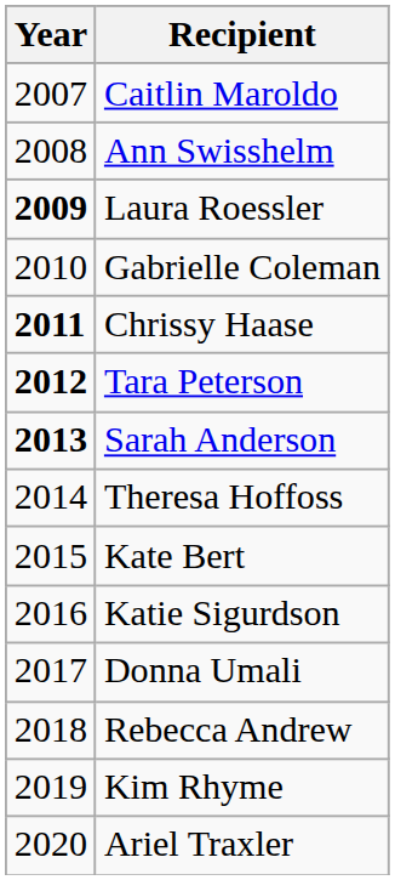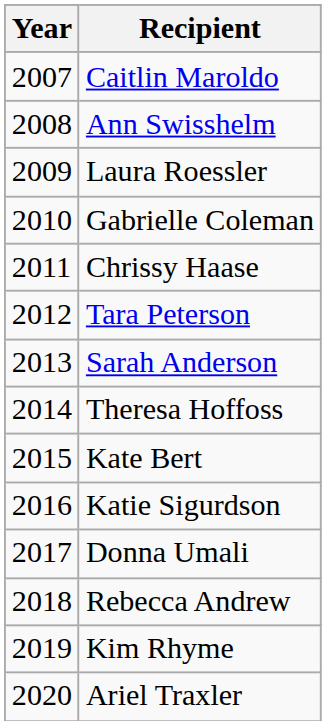 <table class="wikitable">
 <tr>
 <th>Year</th>
 <th>Recipient</th>
 </tr>
 <tr>
 <td>2007</td>
 <td><a href='#'>Caitlin Maroldo</a></td>
 </tr>
 <tr>
 <td>2008</td>
 <td><a href='#'>Ann Swisshelm</a></td>
 </tr>
 <tr>
-<td><strong>2009</strong></td>
+<td>2009</td>
 <td>Laura Roessler</td>
 </tr>
 <tr>
 <td>2010</td>
 <td>Gabrielle Coleman</td>
 </tr>
 <tr>
-<td><strong>2011</strong></td>
+<td>2011</td>
 <td>Chrissy Haase</td>
 </tr>
 <tr>
-<td><strong>2012</strong></td>
+<td>2012</td>
 <td><a href='#'>Tara Peterson</a></td>
 </tr>
 <tr>
-<td><strong>2013</strong></td>
+<td>2013</td>
 <td><a href='#'>Sarah Anderson</a></td>
 </tr>
 <tr>
 <td>2014</td>
 <td>Theresa Hoffoss</td>
 </tr>
 <tr>
 <td>2015</td>
 <td>Kate Bert</td>
 </tr>
 <tr>
 <td>2016</td>
 <td>Katie Sigurdson</td>
 </tr>
 <tr>
 <td>2017</td>
 <td>Donna Umali</td>
 </tr>
 <tr>
 <td>2018</td>
 <td>Rebecca Andrew</td>
 </tr>
 <tr>
 <td>2019</td>
 <td>Kim Rhyme</td>
 </tr>
 <tr>
 <td>2020</td>
 <td>Ariel Traxler</td>
 </tr>
 </table>
